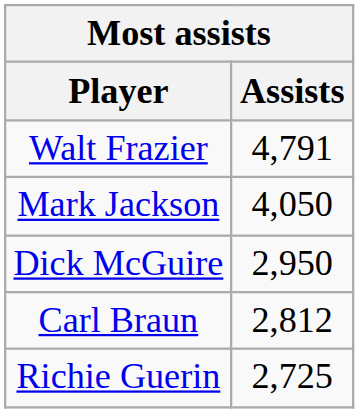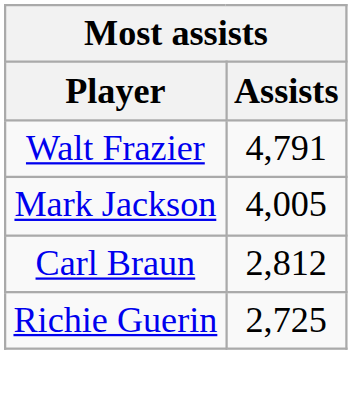 <table class="wikitable sortable" style="text-align:center">
 <tr>
 <th colspan="2" style="text-align:center; ">Most assists</th>
 </tr>
 <tr>
 <th style="text-align:center; ">Player</th>
 <th style="text-align:center; ">Assists</th>
 </tr>
 <tr>
 <td><a href='#'>Walt Frazier</a></td>
 <td>4,791</td>
 </tr>
 <tr>
 <td><a href='#'>Mark Jackson</a></td>
-<td>4,050</td>
-</tr>
-<tr>
-<td><a href='#'>Dick McGuire</a></td>
-<td>2,950</td>
+<td>4,005</td>
 </tr>
 <tr>
 <td><a href='#'>Carl Braun</a></td>
 <td>2,812</td>
 </tr>
 <tr>
 <td><a href='#'>Richie Guerin</a></td>
 <td>2,725</td>
 </tr>
 </table>
